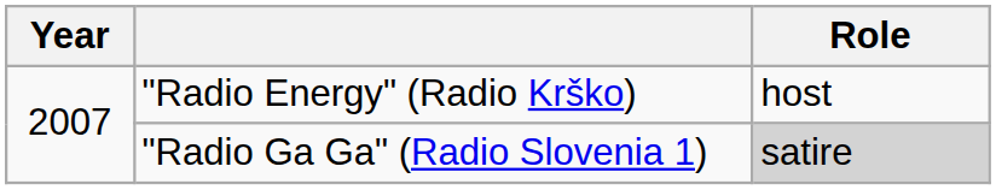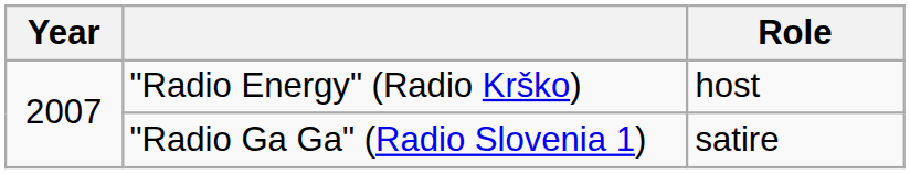 <table class="wikitable" style="font-size:86%;">
 <tr>
 <th width="40">Year</th>
 <th width="220"></th>
 <th width="80">Role</th>
 </tr>
 <tr>
 <td align=center rowspan=2>2007</td>
 <td>"Radio Energy" (Radio <a href='#'>Krško</a>)</td>
 <td>host</td>
 </tr>
 <tr>
 <td>"Radio Ga Ga" (<a href='#'>Radio Slovenia 1</a>)</td>
-<td style="background: lightgrey;">satire</td>
+<td>satire</td>
 </tr>
 </table>
